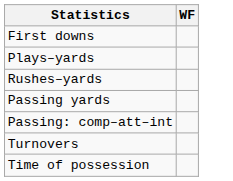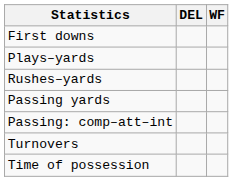 <table class="wikitable" style="float:left">
 <tr>
 <th>Statistics</th>
+<th>DEL</th>
 <th>WF</th>
 </tr>
 <tr>
 <td>First downs</td>
 <td></td>
+<td></td>
 </tr>
 <tr>
 <td>Plays–yards</td>
+<td></td>
 <td></td>
 </tr>
 <tr>
 <td>Rushes–yards</td>
 <td></td>
+<td></td>
 </tr>
 <tr>
 <td>Passing yards</td>
+<td></td>
 <td></td>
 </tr>
 <tr>
 <td>Passing: comp–att–int</td>
 <td></td>
+<td></td>
 </tr>
 <tr>
 <td>Turnovers</td>
+<td></td>
 <td></td>
 </tr>
 <tr>
 <td>Time of possession</td>
 <td></td>
+<td></td>
 </tr>
 </table>
